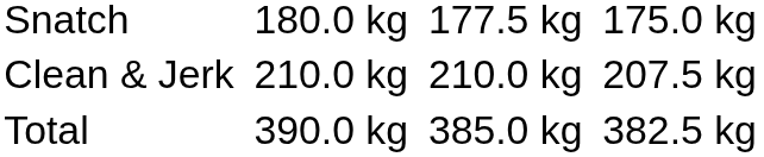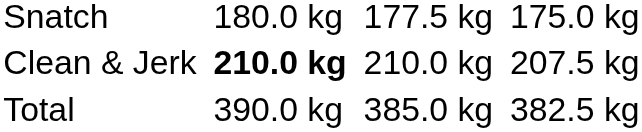 <table>
 <tr>
 <td>Snatch</td>
 <td></td>
 <td>180.0 kg</td>
 <td></td>
 <td>177.5 kg</td>
 <td></td>
 <td>175.0 kg</td>
 </tr>
 <tr>
 <td>Clean & Jerk</td>
 <td></td>
-<td>210.0 kg</td>
+<td><strong>210.0 kg</strong></td>
 <td></td>
 <td>210.0 kg</td>
 <td></td>
 <td>207.5 kg</td>
 </tr>
 <tr>
 <td>Total</td>
 <td></td>
 <td>390.0 kg</td>
 <td></td>
 <td>385.0 kg</td>
 <td></td>
 <td>382.5 kg</td>
 </tr>
 </table>
